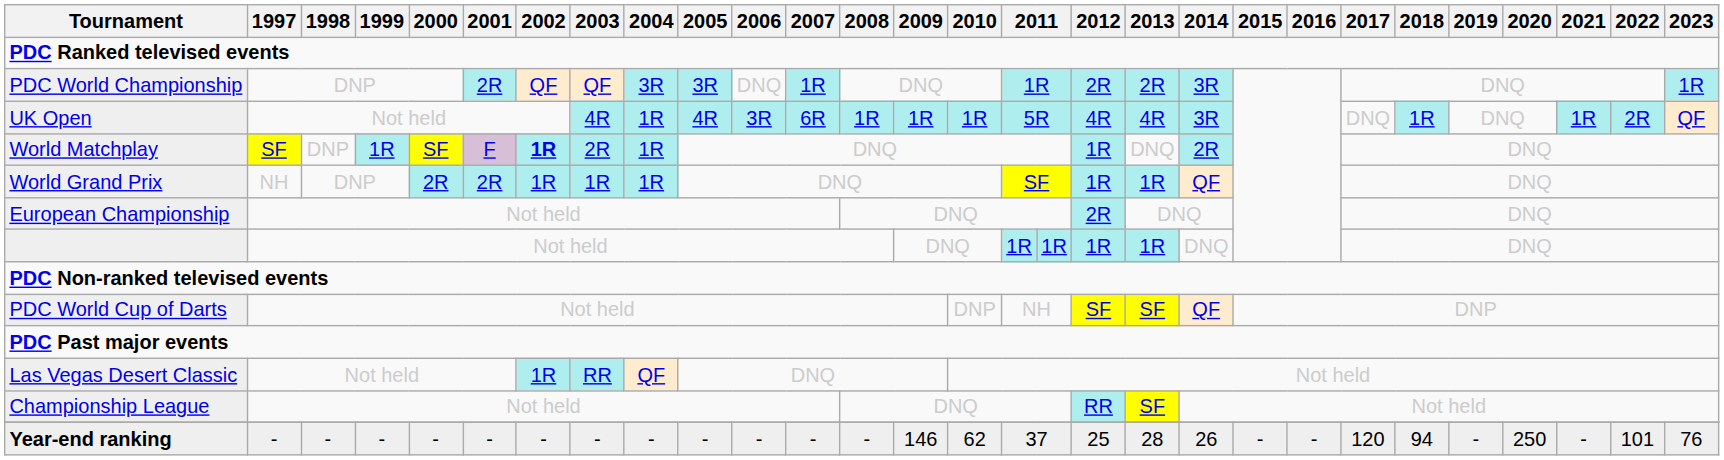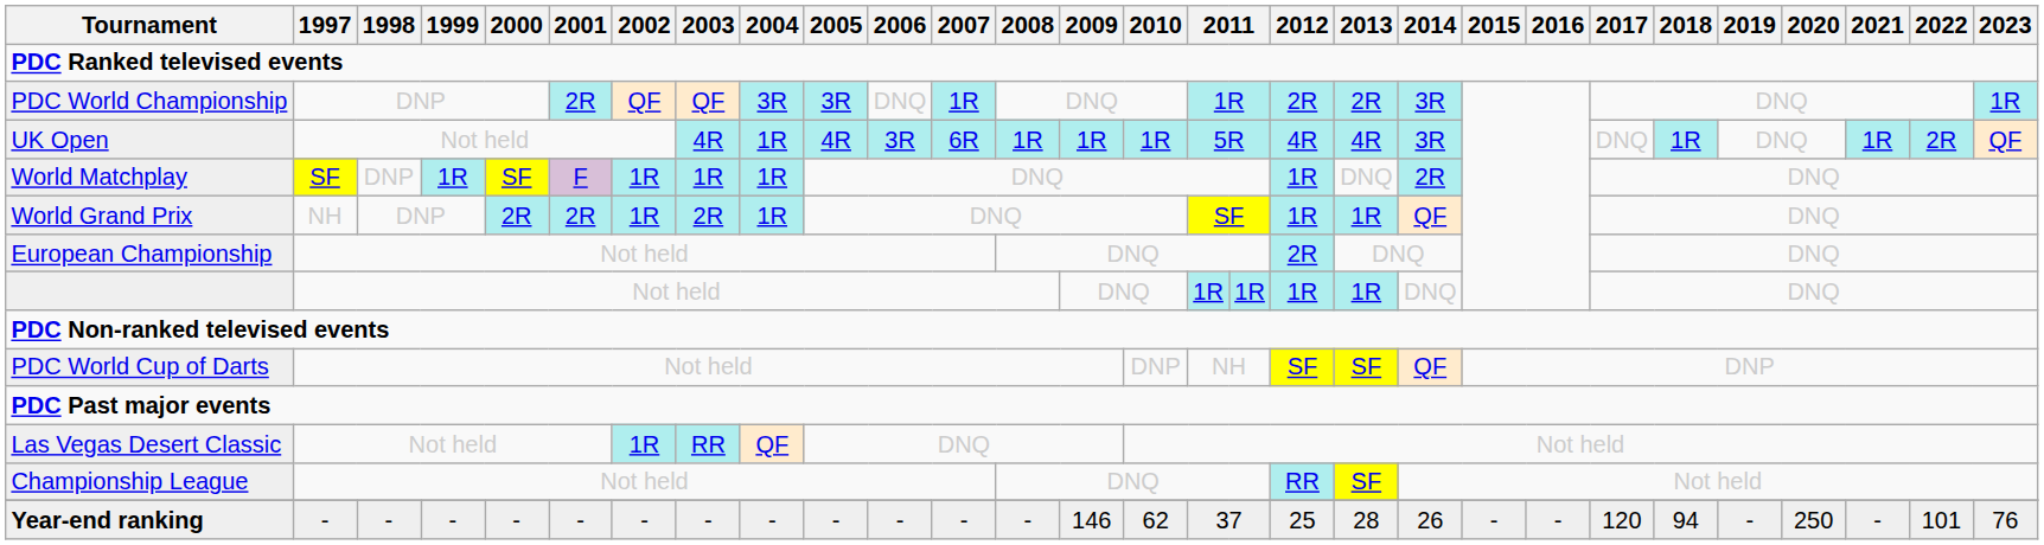 <table class=wikitable style="text-align:left; font-size:88%">
 <tr>
 <th>Tournament</th>
 <th>1997</th>
 <th>1998</th>
 <th>1999</th>
 <th>2000</th>
 <th>2001</th>
 <th>2002</th>
 <th>2003</th>
 <th>2004</th>
 <th>2005</th>
 <th>2006</th>
 <th>2007</th>
 <th>2008</th>
 <th>2009</th>
 <th>2010</th>
 <th colspan="2">2011</th>
 <th>2012</th>
 <th>2013</th>
 <th>2014</th>
 <th>2015</th>
 <th>2016</th>
 <th>2017</th>
 <th>2018</th>
 <th>2019</th>
 <th>2020</th>
 <th>2021</th>
 <th>2022</th>
 <th>2023</th>
 </tr>
 <tr>
 <td colspan="32" align="left"><strong><a href='#'>PDC</a> Ranked televised events</strong></td>
 </tr>
 <tr>
 <td style="background:#efefef;"><a href='#'>PDC World Championship</a></td>
 <td colspan="4" style="text-align:center; color:#ccc;">DNP</td>
 <td style="text-align:center; background:#afeeee;"><a href='#'>2R</a></td>
 <td style="text-align:center; background:#ffebcd;"><a href='#'>QF</a></td>
 <td style="text-align:center; background:#ffebcd;"><a href='#'>QF</a></td>
 <td style="text-align:center; background:#afeeee;"><a href='#'>3R</a></td>
 <td style="text-align:center; background:#afeeee;"><a href='#'>3R</a></td>
 <td style="text-align:center; color:#ccc;">DNQ</td>
 <td style="text-align:center; background:#afeeee;"><a href='#'>1R</a></td>
 <td colspan="3" style="text-align:center; color:#ccc;">DNQ</td>
 <td style="text-align:center; background:#afeeee;" colspan="2"><a href='#'>1R</a></td>
 <td style="text-align:center; background:#afeeee;"><a href='#'>2R</a></td>
 <td style="text-align:center; background:#afeeee;"><a href='#'>2R</a></td>
 <td style="text-align:center; background:#afeeee;"><a href='#'>3R</a></td>
 <td colspan=2 rowspan=6 style="text-align:center;"></td>
 <td colspan="6" style="text-align:center; color:#ccc;">DNQ</td>
 <td style="text-align:center; background:#afeeee;"><a href='#'>1R</a></td>
 </tr>
 <tr>
 <td style="background:#efefef;"><a href='#'>UK Open</a></td>
 <td colspan="6" style="text-align:center; color:#ccc;">Not held</td>
 <td style="text-align:center; background:#afeeee;"><a href='#'>4R</a></td>
 <td style="text-align:center; background:#afeeee;"><a href='#'>1R</a></td>
 <td style="text-align:center; background:#afeeee;"><a href='#'>4R</a></td>
 <td style="text-align:center; background:#afeeee;"><a href='#'>3R</a></td>
 <td style="text-align:center; background:#afeeee;"><a href='#'>6R</a></td>
 <td style="text-align:center; background:#afeeee;"><a href='#'>1R</a></td>
 <td style="text-align:center; background:#afeeee;"><a href='#'>1R</a></td>
 <td style="text-align:center; background:#afeeee;"><a href='#'>1R</a></td>
 <td style="text-align:center; background:#afeeee;" colspan="2"><a href='#'>5R</a></td>
 <td style="text-align:center; background:#afeeee;"><a href='#'>4R</a></td>
 <td style="text-align:center; background:#afeeee;"><a href='#'>4R</a></td>
 <td style="text-align:center; background:#afeeee;"><a href='#'>3R</a></td>
 <td style="text-align:center; color:#ccc;">DNQ</td>
 <td style="text-align:center; background:#afeeee;"><a href='#'>1R</a></td>
 <td colspan="2" style="text-align:center; color:#ccc;">DNQ</td>
 <td style="text-align:center; background:#afeeee;"><a href='#'>1R</a></td>
 <td style="text-align:center; background:#afeeee;"><a href='#'>2R</a></td>
 <td style="text-align:center; background:#ffebcd;"><a href='#'>QF</a></td>
 </tr>
 <tr>
 <td style="background:#efefef;"><a href='#'>World Matchplay</a></td>
 <td style="text-align:center; background:yellow;"><a href='#'>SF</a></td>
 <td style="text-align:center; color:#ccc;">DNP</td>
 <td style="text-align:center; background:#afeeee;"><a href='#'>1R</a></td>
 <td style="text-align:center; background:yellow;"><a href='#'>SF</a></td>
 <td style="text-align:center; background:thistle;"><a href='#'>F</a></td>
-<td style="text-align:center; background:#afeeee;"><strong><a href='#'>1R</a></strong></td>
-<td style="text-align:center; background:#afeeee;"><a href='#'>2R</a></td>
+<td style="text-align:center; background:#afeeee;"><a href='#'>1R</a></td>
+<td style="text-align:center; background:#afeeee;"><a href='#'>1R</a></td>
 <td style="text-align:center; background:#afeeee;"><a href='#'>1R</a></td>
 <td colspan="8" style="text-align:center; color:#ccc;">DNQ</td>
 <td style="text-align:center; background:#afeeee;"><a href='#'>1R</a></td>
 <td style="text-align:center; color:#ccc;">DNQ</td>
 <td style="text-align:center; background:#afeeee;"><a href='#'>2R</a></td>
 <td colspan="7" style="text-align:center; color:#ccc;">DNQ</td>
 </tr>
 <tr>
 <td style="background:#efefef;"><a href='#'>World Grand Prix</a></td>
 <td colspan="1" style="text-align:center; color:#ccc;">NH</td>
 <td colspan="2" style="text-align:center; color:#ccc;">DNP</td>
 <td style="text-align:center; background:#afeeee;"><a href='#'>2R</a></td>
 <td style="text-align:center; background:#afeeee;"><a href='#'>2R</a></td>
 <td style="text-align:center; background:#afeeee;"><a href='#'>1R</a></td>
-<td style="text-align:center; background:#afeeee;"><a href='#'>1R</a></td>
+<td style="text-align:center; background:#afeeee;"><a href='#'>2R</a></td>
 <td style="text-align:center; background:#afeeee;"><a href='#'>1R</a></td>
 <td colspan="6" style="text-align:center; color:#ccc;">DNQ</td>
 <td style="text-align:center; background:yellow;" colspan="2"><a href='#'>SF</a></td>
 <td style="text-align:center; background:#afeeee;"><a href='#'>1R</a></td>
 <td style="text-align:center; background:#afeeee;"><a href='#'>1R</a></td>
 <td style="text-align:center; background:#ffebcd;"><a href='#'>QF</a></td>
 <td colspan="7" style="text-align:center; color:#ccc;">DNQ</td>
 </tr>
 <tr>
 <td style="background:#efefef;"><a href='#'>European Championship</a></td>
 <td colspan="11" style="text-align:center; color:#ccc;">Not held</td>
 <td colspan="5" style="text-align:center; color:#ccc;">DNQ</td>
 <td style="text-align:center; background:#afeeee;"><a href='#'>2R</a></td>
 <td colspan="2" style="text-align:center; color:#ccc;">DNQ</td>
 <td colspan="7" style="text-align:center; color:#ccc;">DNQ</td>
 </tr>
 <tr>
 <td style="background:#efefef;"></td>
 <td colspan="12" style="text-align:center; color:#ccc;">Not held</td>
 <td colspan="2" style="text-align:center; color:#ccc;">DNQ</td>
 <td style="text-align:center; background:#afeeee;"><a href='#'>1R</a></td>
 <td style="text-align:center; background:#afeeee;"><a href='#'>1R</a></td>
 <td style="text-align:center; background:#afeeee;"><a href='#'>1R</a></td>
 <td style="text-align:center; background:#afeeee;"><a href='#'>1R</a></td>
 <td style="text-align:center; color:#ccc;">DNQ</td>
 <td colspan="7" style="text-align:center; color:#ccc;">DNQ</td>
 </tr>
 <tr>
 <td colspan="32" align="left"><strong><a href='#'>PDC</a> Non-ranked televised events</strong></td>
 </tr>
 <tr>
 <td style="background:#efefef;"><a href='#'>PDC World Cup of Darts</a></td>
 <td colspan="13" style="text-align:center; color:#ccc;">Not held</td>
 <td style="text-align:center; color:#ccc;">DNP</td>
 <td colspan="2" style="text-align:center; color:#ccc;">NH</td>
 <td style="text-align:center; background:yellow;"><a href='#'>SF</a></td>
 <td style="text-align:center; background:yellow;"><a href='#'>SF</a></td>
 <td style="text-align:center; background:#ffebcd;"><a href='#'>QF</a></td>
 <td colspan="9" style="text-align:center; color:#ccc;">DNP</td>
 </tr>
 <tr>
 <td colspan="32" align="left"><strong><a href='#'>PDC</a> Past major events</strong></td>
 </tr>
 <tr>
 <td style="background:#efefef;"><a href='#'>Las Vegas Desert Classic</a></td>
 <td colspan="5" style="text-align:center; color:#ccc;">Not held</td>
 <td style="text-align:center; background:#afeeee;"><a href='#'>1R</a></td>
 <td style="text-align:center; background:#afeeee;"><a href='#'>RR</a></td>
 <td style="text-align:center; background:#ffebcd;"><a href='#'>QF</a></td>
 <td colspan="5" style="text-align:center; color:#ccc;">DNQ</td>
 <td colspan="16" style="text-align:center; color:#ccc;">Not held</td>
 </tr>
 <tr>
 <td style="background:#efefef;"><a href='#'>Championship League</a></td>
 <td colspan="11" style="text-align:center; color:#ccc;">Not held</td>
 <td colspan="5" style="text-align:center; color:#ccc;">DNQ</td>
 <td style="text-align:center; background:#afeeee;"><a href='#'>RR</a></td>
 <td style="text-align:center; background:yellow;"><a href='#'>SF</a></td>
 <td colspan="11" style="text-align:center; color:#ccc;">Not held</td>
 </tr>
 <tr>
 </tr>
 <tr bgcolor="efefef">
 <td align="left"><strong>Year-end ranking</strong></td>
 <td style="text-align:center;">-</td>
 <td style="text-align:center;">-</td>
 <td style="text-align:center;">-</td>
 <td style="text-align:center;">-</td>
 <td style="text-align:center;">-</td>
 <td style="text-align:center;">-</td>
 <td style="text-align:center;">-</td>
 <td style="text-align:center;">-</td>
 <td style="text-align:center;">-</td>
 <td style="text-align:center;">-</td>
 <td style="text-align:center;">-</td>
 <td style="text-align:center;">-</td>
 <td style="text-align:center;">146</td>
 <td style="text-align:center;">62</td>
 <td colspan="2" style="text-align:center;">37</td>
 <td style="text-align:center;">25</td>
 <td style="text-align:center;">28</td>
 <td style="text-align:center;">26</td>
 <td style="text-align:center;">-</td>
 <td style="text-align:center;">-</td>
 <td style="text-align:center;">120</td>
 <td style="text-align:center;">94</td>
 <td style="text-align:center;">-</td>
 <td style="text-align:center;">250</td>
 <td style="text-align:center;">-</td>
 <td style="text-align:center;">101</td>
 <td style="text-align:center;">76</td>
 </tr>
 </table>
